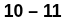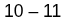 <table style="text-align:center">
 <tr>
 <th width=200></th>
 <th width=100></th>
 <th width=200></th>
 </tr>
 <tr>
 <td align=right></td>
-<td><strong>10 – 11</strong></td>
+<td>10 – 11</td>
 <td align=left><strong></strong></td>
 </tr>
 </table>
